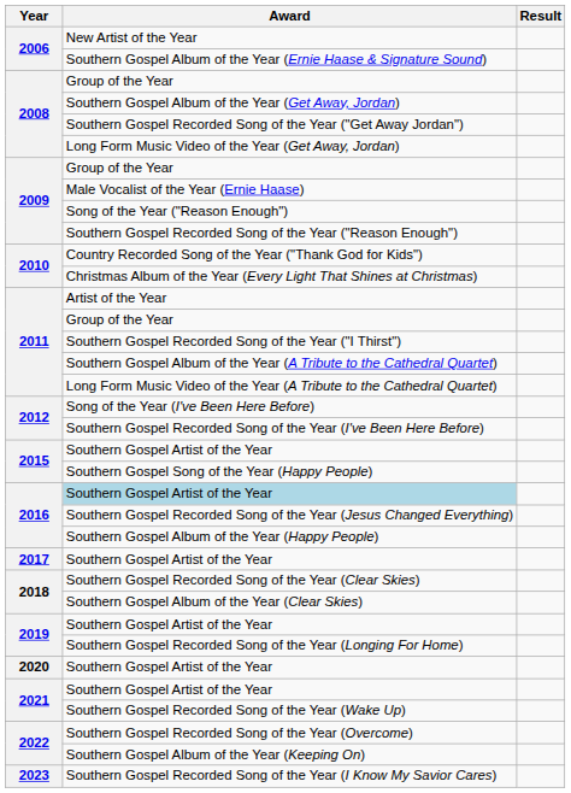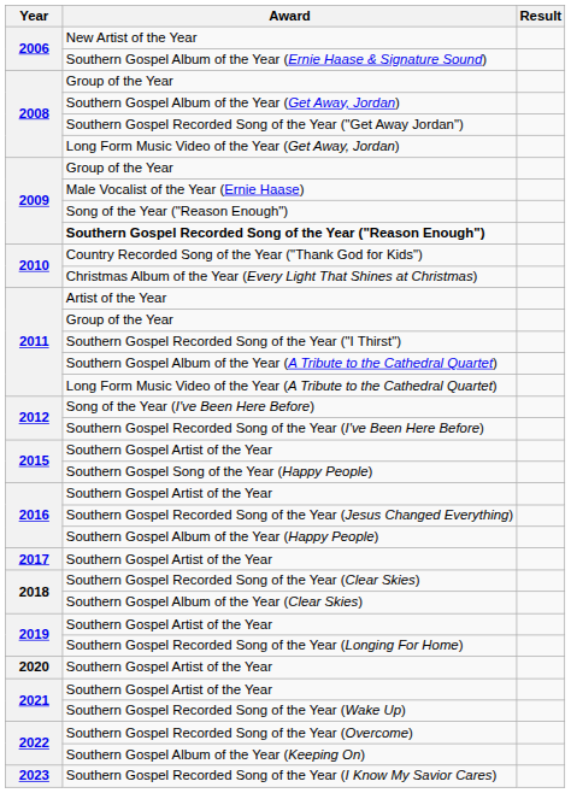 <table class="wikitable">
 <tr>
 <th width="60px">Year</th>
 <th>Award</th>
 <th>Result</th>
 </tr>
 <tr>
 <th rowspan=2><a href='#'>2006</a></th>
 <td>New Artist of the Year</td>
 <td></td>
 </tr>
 <tr>
 <td>Southern Gospel Album of the Year (<em><a href='#'>Ernie Haase & Signature Sound</a></em>)</td>
 <td></td>
 </tr>
 <tr>
 <th rowspan=4><a href='#'>2008</a></th>
 <td>Group of the Year</td>
 <td></td>
 </tr>
 <tr>
 <td>Southern Gospel Album of the Year (<em><a href='#'>Get Away, Jordan</a></em>)</td>
 <td></td>
 </tr>
 <tr>
 <td>Southern Gospel Recorded Song of the Year ("Get Away Jordan")</td>
 <td></td>
 </tr>
 <tr>
 <td>Long Form Music Video of the Year (<em>Get Away, Jordan</em>)</td>
 <td></td>
 </tr>
 <tr>
 <th rowspan=4><a href='#'>2009</a></th>
 <td>Group of the Year</td>
 <td></td>
 </tr>
 <tr>
 <td>Male Vocalist of the Year (<a href='#'>Ernie Haase</a>)</td>
 <td></td>
 </tr>
 <tr>
 <td>Song of the Year ("Reason Enough")</td>
 <td></td>
 </tr>
 <tr>
-<td>Southern Gospel Recorded Song of the Year ("Reason Enough")</td>
+<td><strong>Southern Gospel Recorded Song of the Year ("Reason Enough")</strong></td>
 <td></td>
 </tr>
 <tr>
 <th rowspan=2><a href='#'>2010</a></th>
 <td>Country Recorded Song of the Year ("Thank God for Kids")</td>
 <td></td>
 </tr>
 <tr>
 <td>Christmas Album of the Year (<em>Every Light That Shines at Christmas</em>)</td>
 <td></td>
 </tr>
 <tr>
 <th rowspan=5><a href='#'>2011</a></th>
 <td>Artist of the Year</td>
 <td></td>
 </tr>
 <tr>
 <td>Group of the Year</td>
 <td></td>
 </tr>
 <tr>
 <td>Southern Gospel Recorded Song of the Year ("I Thirst")</td>
 <td></td>
 </tr>
 <tr>
 <td>Southern Gospel Album of the Year (<em><a href='#'>A Tribute to the Cathedral Quartet</a></em>)</td>
 <td></td>
 </tr>
 <tr>
 <td>Long Form Music Video of the Year (<em>A Tribute to the Cathedral Quartet</em>)</td>
 <td></td>
 </tr>
 <tr>
 <th rowspan=2><a href='#'>2012</a></th>
 <td>Song of the Year (<em>I've Been Here Before</em>)</td>
 <td></td>
 </tr>
 <tr>
 <td>Southern Gospel Recorded Song of the Year (<em>I've Been Here Before</em>)</td>
 <td></td>
 </tr>
 <tr>
 <th rowspan=2><a href='#'>2015</a></th>
 <td>Southern Gospel Artist of the Year</td>
 <td></td>
 </tr>
 <tr>
 <td>Southern Gospel Song of the Year (<em>Happy People</em>)</td>
 <td></td>
 </tr>
 <tr>
 <th rowspan=3><a href='#'>2016</a></th>
-<td style="background: lightblue;">Southern Gospel Artist of the Year</td>
+<td>Southern Gospel Artist of the Year</td>
 <td></td>
 </tr>
 <tr>
 <td>Southern Gospel Recorded Song of the Year (<em>Jesus Changed Everything</em>)</td>
 <td></td>
 </tr>
 <tr>
 <td>Southern Gospel Album of the Year (<em>Happy People</em>)</td>
 <td></td>
 </tr>
 <tr>
 <th rowspan=1><a href='#'>2017</a></th>
 <td>Southern Gospel Artist of the Year</td>
 <td></td>
 </tr>
 <tr>
 <th rowspan=2>2018</th>
 <td>Southern Gospel Recorded Song of the Year (<em>Clear Skies</em>)</td>
 <td></td>
 </tr>
 <tr>
 <td>Southern Gospel Album of the Year (<em>Clear Skies</em>)</td>
 <td></td>
 </tr>
 <tr>
 <th rowspan=2><a href='#'>2019</a></th>
 <td>Southern Gospel Artist of the Year</td>
 <td></td>
 </tr>
 <tr>
 <td>Southern Gospel Recorded Song of the Year (<em>Longing For Home</em>)</td>
 <td></td>
 </tr>
 <tr>
 <th rowspan=1>2020</th>
 <td>Southern Gospel Artist of the Year</td>
 <td></td>
 </tr>
 <tr>
 <th rowspan=2><a href='#'>2021</a></th>
 <td>Southern Gospel Artist of the Year</td>
 <td></td>
 </tr>
 <tr>
 <td>Southern Gospel Recorded Song of the Year (<em>Wake Up</em>)</td>
 <td></td>
 </tr>
 <tr>
 <th rowspan=2><a href='#'>2022</a></th>
 <td>Southern Gospel Recorded Song of the Year (<em>Overcome</em>)</td>
 <td></td>
 </tr>
 <tr>
 <td>Southern Gospel Album of the Year (<em>Keeping On</em>)</td>
 <td></td>
 </tr>
 <tr>
 <th rowspan=1><a href='#'>2023</a></th>
 <td>Southern Gospel Recorded Song of the Year (<em>I Know My Savior Cares</em>)</td>
 <td></td>
 </tr>
 </table>
